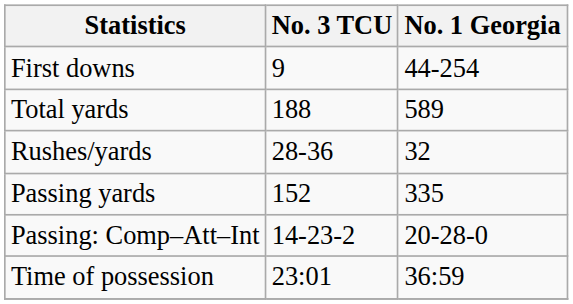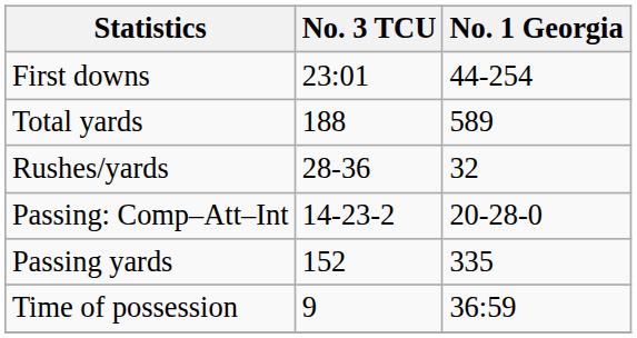 <table class="wikitable" style="float: left;">
 <tr>
 <th>Statistics</th>
 <th>No. 3 TCU</th>
 <th>No. 1 Georgia</th>
 </tr>
 <tr>
 <td>First downs</td>
-<td>9</td>
+<td>23:01</td>
 <td>44-254</td>
 </tr>
 <tr>
 <td>Total yards</td>
 <td>188</td>
 <td>589</td>
 </tr>
 <tr>
 <td>Rushes/yards</td>
 <td>28-36</td>
 <td>32</td>
 </tr>
 <tr>
+<td>Passing: Comp–Att–Int</td>
+<td>14-23-2</td>
+<td>20-28-0</td>
+</tr>
+<tr>
 <td>Passing yards</td>
 <td>152</td>
 <td>335</td>
 </tr>
 <tr>
-<td>Passing: Comp–Att–Int</td>
-<td>14-23-2</td>
-<td>20-28-0</td>
-</tr>
-<tr>
 <td>Time of possession</td>
-<td>23:01</td>
+<td>9</td>
 <td>36:59</td>
 </tr>
 <tr>
 </tr>
 </table>
